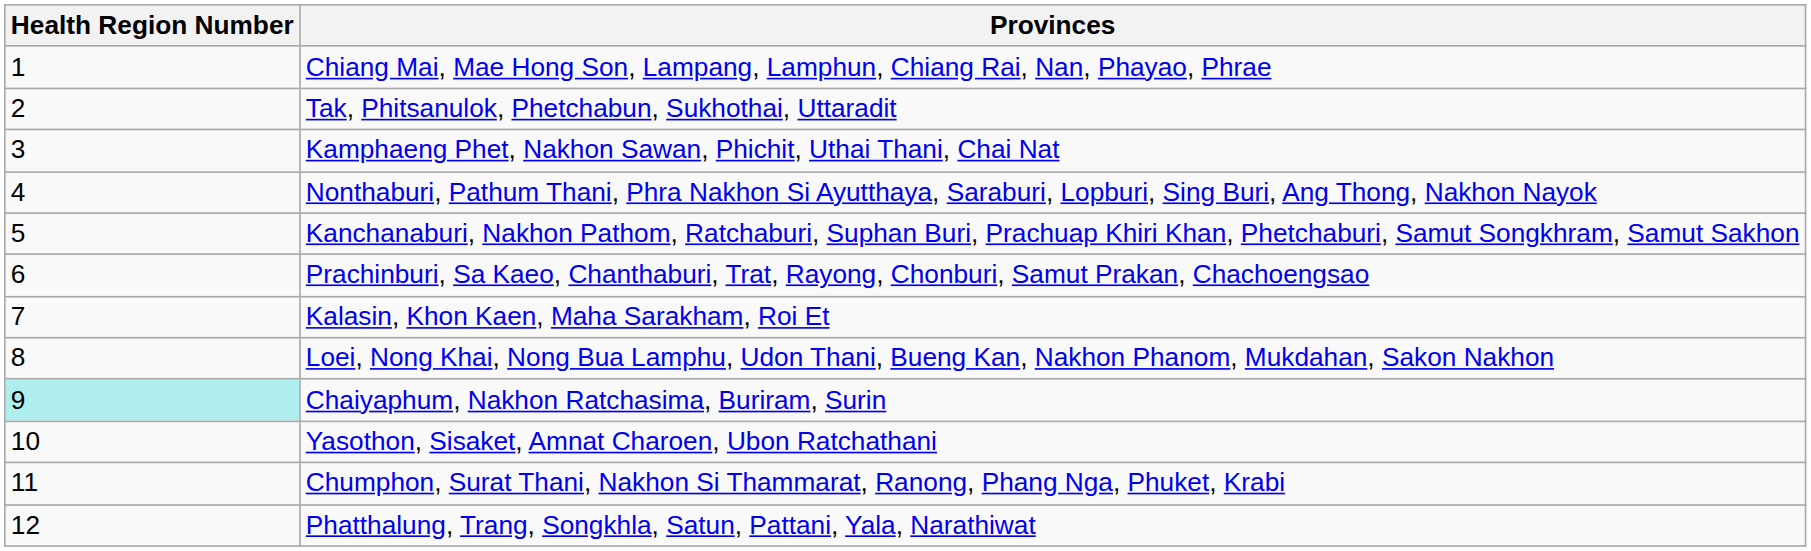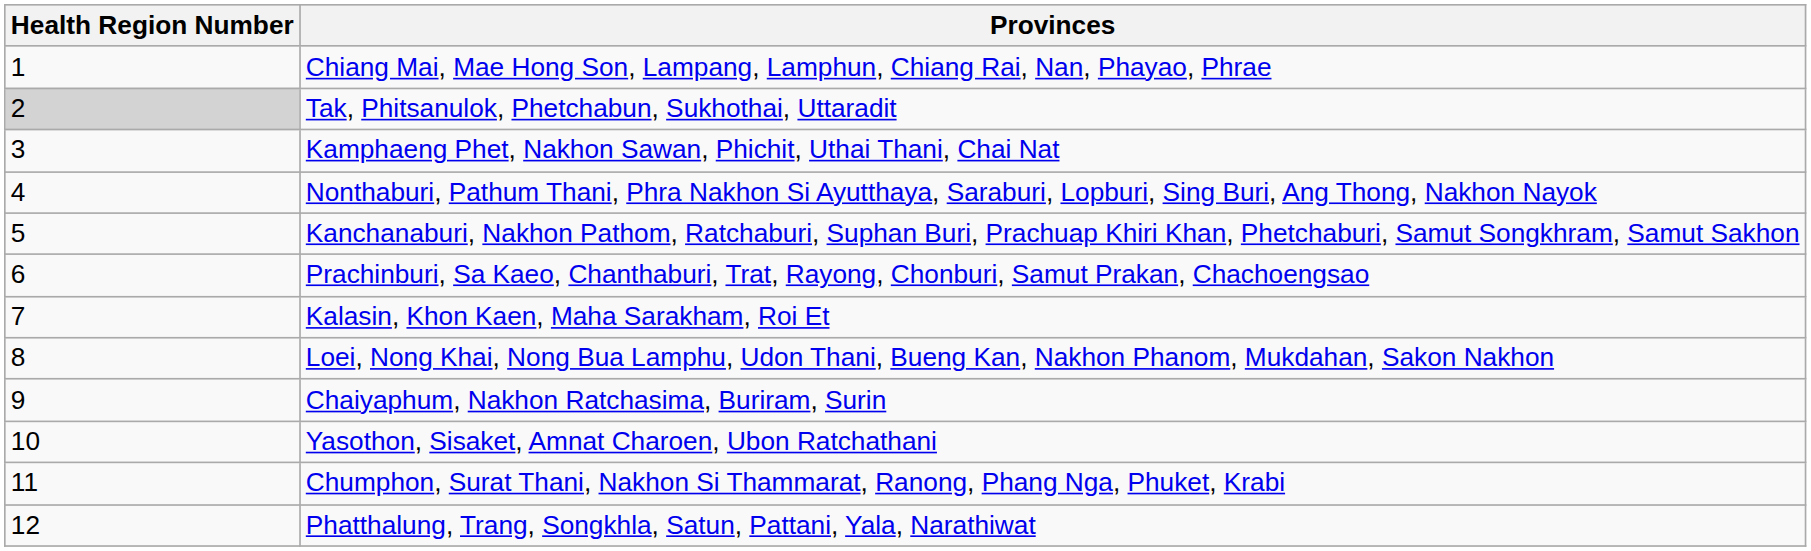 <table class="wikitable">
 <tr>
 <th>Health Region Number</th>
 <th>Provinces</th>
 </tr>
 <tr>
 <td>1</td>
 <td><a href='#'>Chiang Mai</a>, <a href='#'>Mae Hong Son</a>, <a href='#'>Lampang</a>, <a href='#'>Lamphun</a>, <a href='#'>Chiang Rai</a>, <a href='#'>Nan</a>, <a href='#'>Phayao</a>, <a href='#'>Phrae</a></td>
 </tr>
 <tr>
-<td>2</td>
+<td style="background: lightgrey;">2</td>
 <td><a href='#'>Tak</a>, <a href='#'>Phitsanulok</a>, <a href='#'>Phetchabun</a>, <a href='#'>Sukhothai</a>, <a href='#'>Uttaradit</a></td>
 </tr>
 <tr>
 <td>3</td>
 <td><a href='#'>Kamphaeng Phet</a>, <a href='#'>Nakhon Sawan</a>, <a href='#'>Phichit</a>, <a href='#'>Uthai Thani</a>, <a href='#'>Chai Nat</a></td>
 </tr>
 <tr>
 <td>4</td>
 <td><a href='#'>Nonthaburi</a>, <a href='#'>Pathum Thani</a>, <a href='#'>Phra Nakhon Si Ayutthaya</a>, <a href='#'>Saraburi</a>, <a href='#'>Lopburi</a>, <a href='#'>Sing Buri</a>, <a href='#'>Ang Thong</a>, <a href='#'>Nakhon Nayok</a></td>
 </tr>
 <tr>
 <td>5</td>
 <td><a href='#'>Kanchanaburi</a>, <a href='#'>Nakhon Pathom</a>, <a href='#'>Ratchaburi</a>, <a href='#'>Suphan Buri</a>, <a href='#'>Prachuap Khiri Khan</a>, <a href='#'>Phetchaburi</a>, <a href='#'>Samut Songkhram</a>, <a href='#'>Samut Sakhon</a></td>
 </tr>
 <tr>
 <td>6</td>
 <td><a href='#'>Prachinburi</a>, <a href='#'>Sa Kaeo</a>, <a href='#'>Chanthaburi</a>, <a href='#'>Trat</a>, <a href='#'>Rayong</a>, <a href='#'>Chonburi</a>, <a href='#'>Samut Prakan</a>, <a href='#'>Chachoengsao</a></td>
 </tr>
 <tr>
 <td>7</td>
 <td><a href='#'>Kalasin</a>, <a href='#'>Khon Kaen</a>, <a href='#'>Maha Sarakham</a>, <a href='#'>Roi Et</a></td>
 </tr>
 <tr>
 <td>8</td>
 <td><a href='#'>Loei</a>, <a href='#'>Nong Khai</a>, <a href='#'>Nong Bua Lamphu</a>, <a href='#'>Udon Thani</a>, <a href='#'>Bueng Kan</a>, <a href='#'>Nakhon Phanom</a>, <a href='#'>Mukdahan</a>, <a href='#'>Sakon Nakhon</a></td>
 </tr>
 <tr>
-<td style="background: paleturquoise;">9</td>
+<td>9</td>
 <td><a href='#'>Chaiyaphum</a>, <a href='#'>Nakhon Ratchasima</a>, <a href='#'>Buriram</a>, <a href='#'>Surin</a></td>
 </tr>
 <tr>
 <td>10</td>
 <td><a href='#'>Yasothon</a>, <a href='#'>Sisaket</a>, <a href='#'>Amnat Charoen</a>, <a href='#'>Ubon Ratchathani</a></td>
 </tr>
 <tr>
 <td>11</td>
 <td><a href='#'>Chumphon</a>, <a href='#'>Surat Thani</a>, <a href='#'>Nakhon Si Thammarat</a>, <a href='#'>Ranong</a>, <a href='#'>Phang Nga</a>, <a href='#'>Phuket</a>, <a href='#'>Krabi</a></td>
 </tr>
 <tr>
 <td>12</td>
 <td><a href='#'>Phatthalung</a>, <a href='#'>Trang</a>, <a href='#'>Songkhla</a>, <a href='#'>Satun</a>, <a href='#'>Pattani</a>, <a href='#'>Yala</a>, <a href='#'>Narathiwat</a></td>
 </tr>
 </table>
